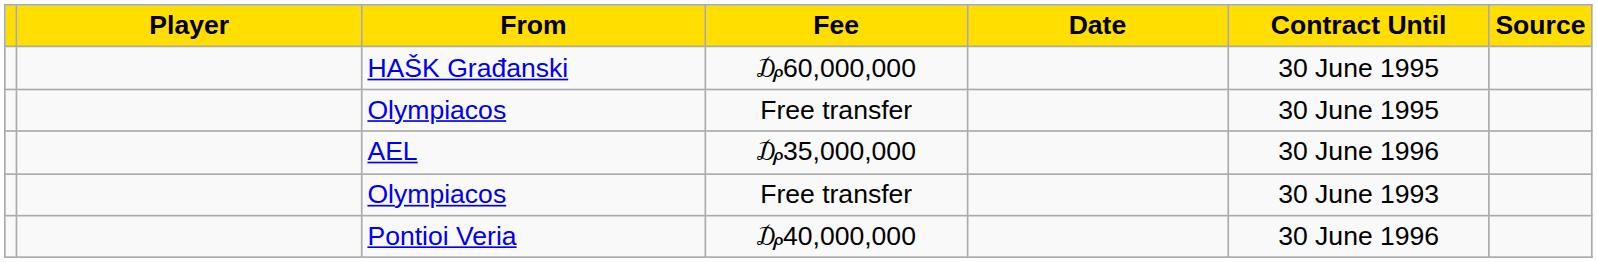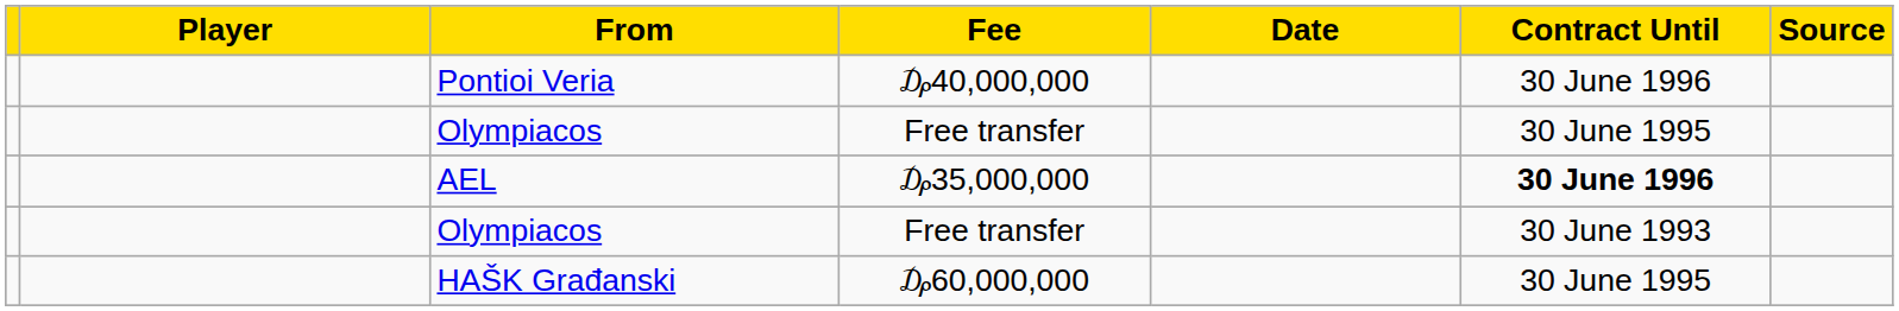 <table class="wikitable sortable">
 <tr>
 <th style="background:#FFDE00"></th>
 <th width=200 style="background:#FFDE00">Player</th>
 <th width=200 style="background:#FFDE00">From</th>
 <th width=150 style="background:#FFDE00">Fee</th>
 <th width=150 style="background:#FFDE00">Date</th>
 <th width=150 style="background:#FFDE00">Contract Until</th>
 <th style="background:#FFDE00">Source</th>
 </tr>
 <tr>
 <td align=center></td>
 <td></td>
-<td> <a href='#'>HAŠK Građanski</a></td>
-<td align=center>₯60,000,000</td>
+<td> <a href='#'>Pontioi Veria</a></td>
+<td align=center>₯40,000,000</td>
 <td align=center></td>
-<td align=center>30 June 1995</td>
+<td align=center>30 June 1996</td>
 <td align=center></td>
 </tr>
 <tr>
 <td align=center></td>
 <td></td>
 <td> <a href='#'>Olympiacos</a></td>
 <td align=center>Free transfer</td>
 <td align=center></td>
 <td align=center>30 June 1995</td>
 <td align=center></td>
 </tr>
 <tr>
 <td align=center></td>
 <td></td>
 <td> <a href='#'>AEL</a></td>
 <td align=center>₯35,000,000</td>
 <td align=center></td>
-<td align=center>30 June 1996</td>
+<td align=center><strong>30 June 1996</strong></td>
 <td align=center></td>
 </tr>
 <tr>
 <td align=center></td>
 <td></td>
 <td> <a href='#'>Olympiacos</a></td>
 <td align=center>Free transfer</td>
 <td align=center></td>
 <td align=center>30 June 1993</td>
 <td align=center></td>
 </tr>
 <tr>
 <td align=center></td>
 <td></td>
-<td> <a href='#'>Pontioi Veria</a></td>
-<td align=center>₯40,000,000</td>
+<td> <a href='#'>HAŠK Građanski</a></td>
+<td align=center>₯60,000,000</td>
 <td align=center></td>
-<td align=center>30 June 1996</td>
+<td align=center>30 June 1995</td>
 <td align=center></td>
 </tr>
 </table>
